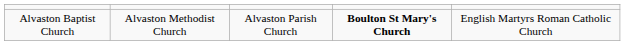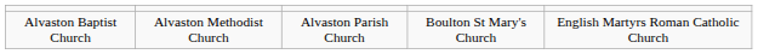 <table class="wikitable" style="text-align:center">
 <tr>
 <td></td>
 <td></td>
 <td></td>
 <td></td>
 <td></td>
 </tr>
 <tr>
 <td>Alvaston Baptist Church</td>
 <td>Alvaston Methodist Church</td>
 <td>Alvaston Parish Church</td>
-<td><strong>Boulton St Mary's Church</strong></td>
+<td>Boulton St Mary's Church</td>
 <td>English Martyrs Roman Catholic Church</td>
 </tr>
 </table>
